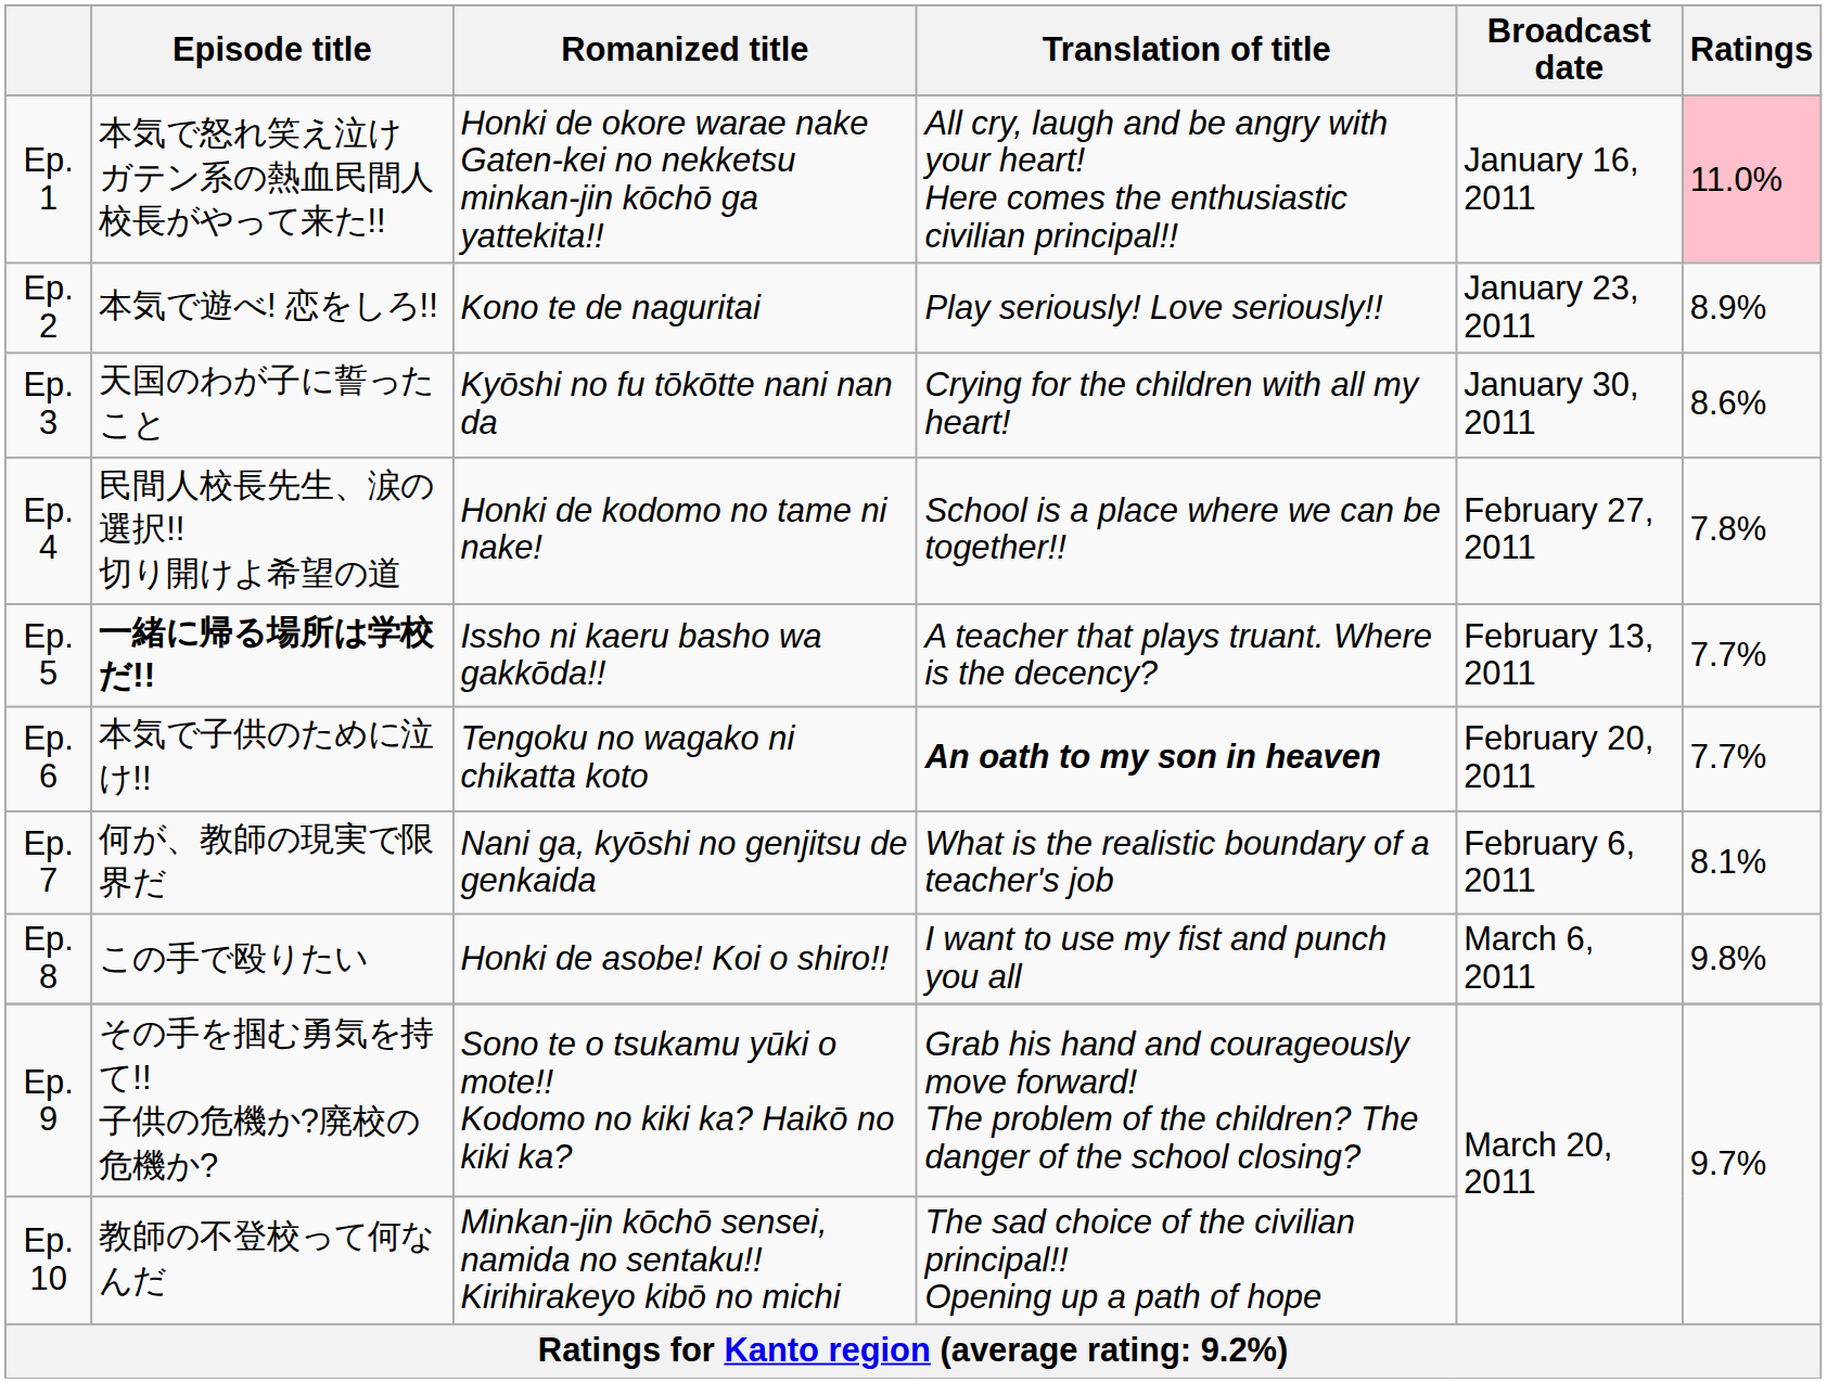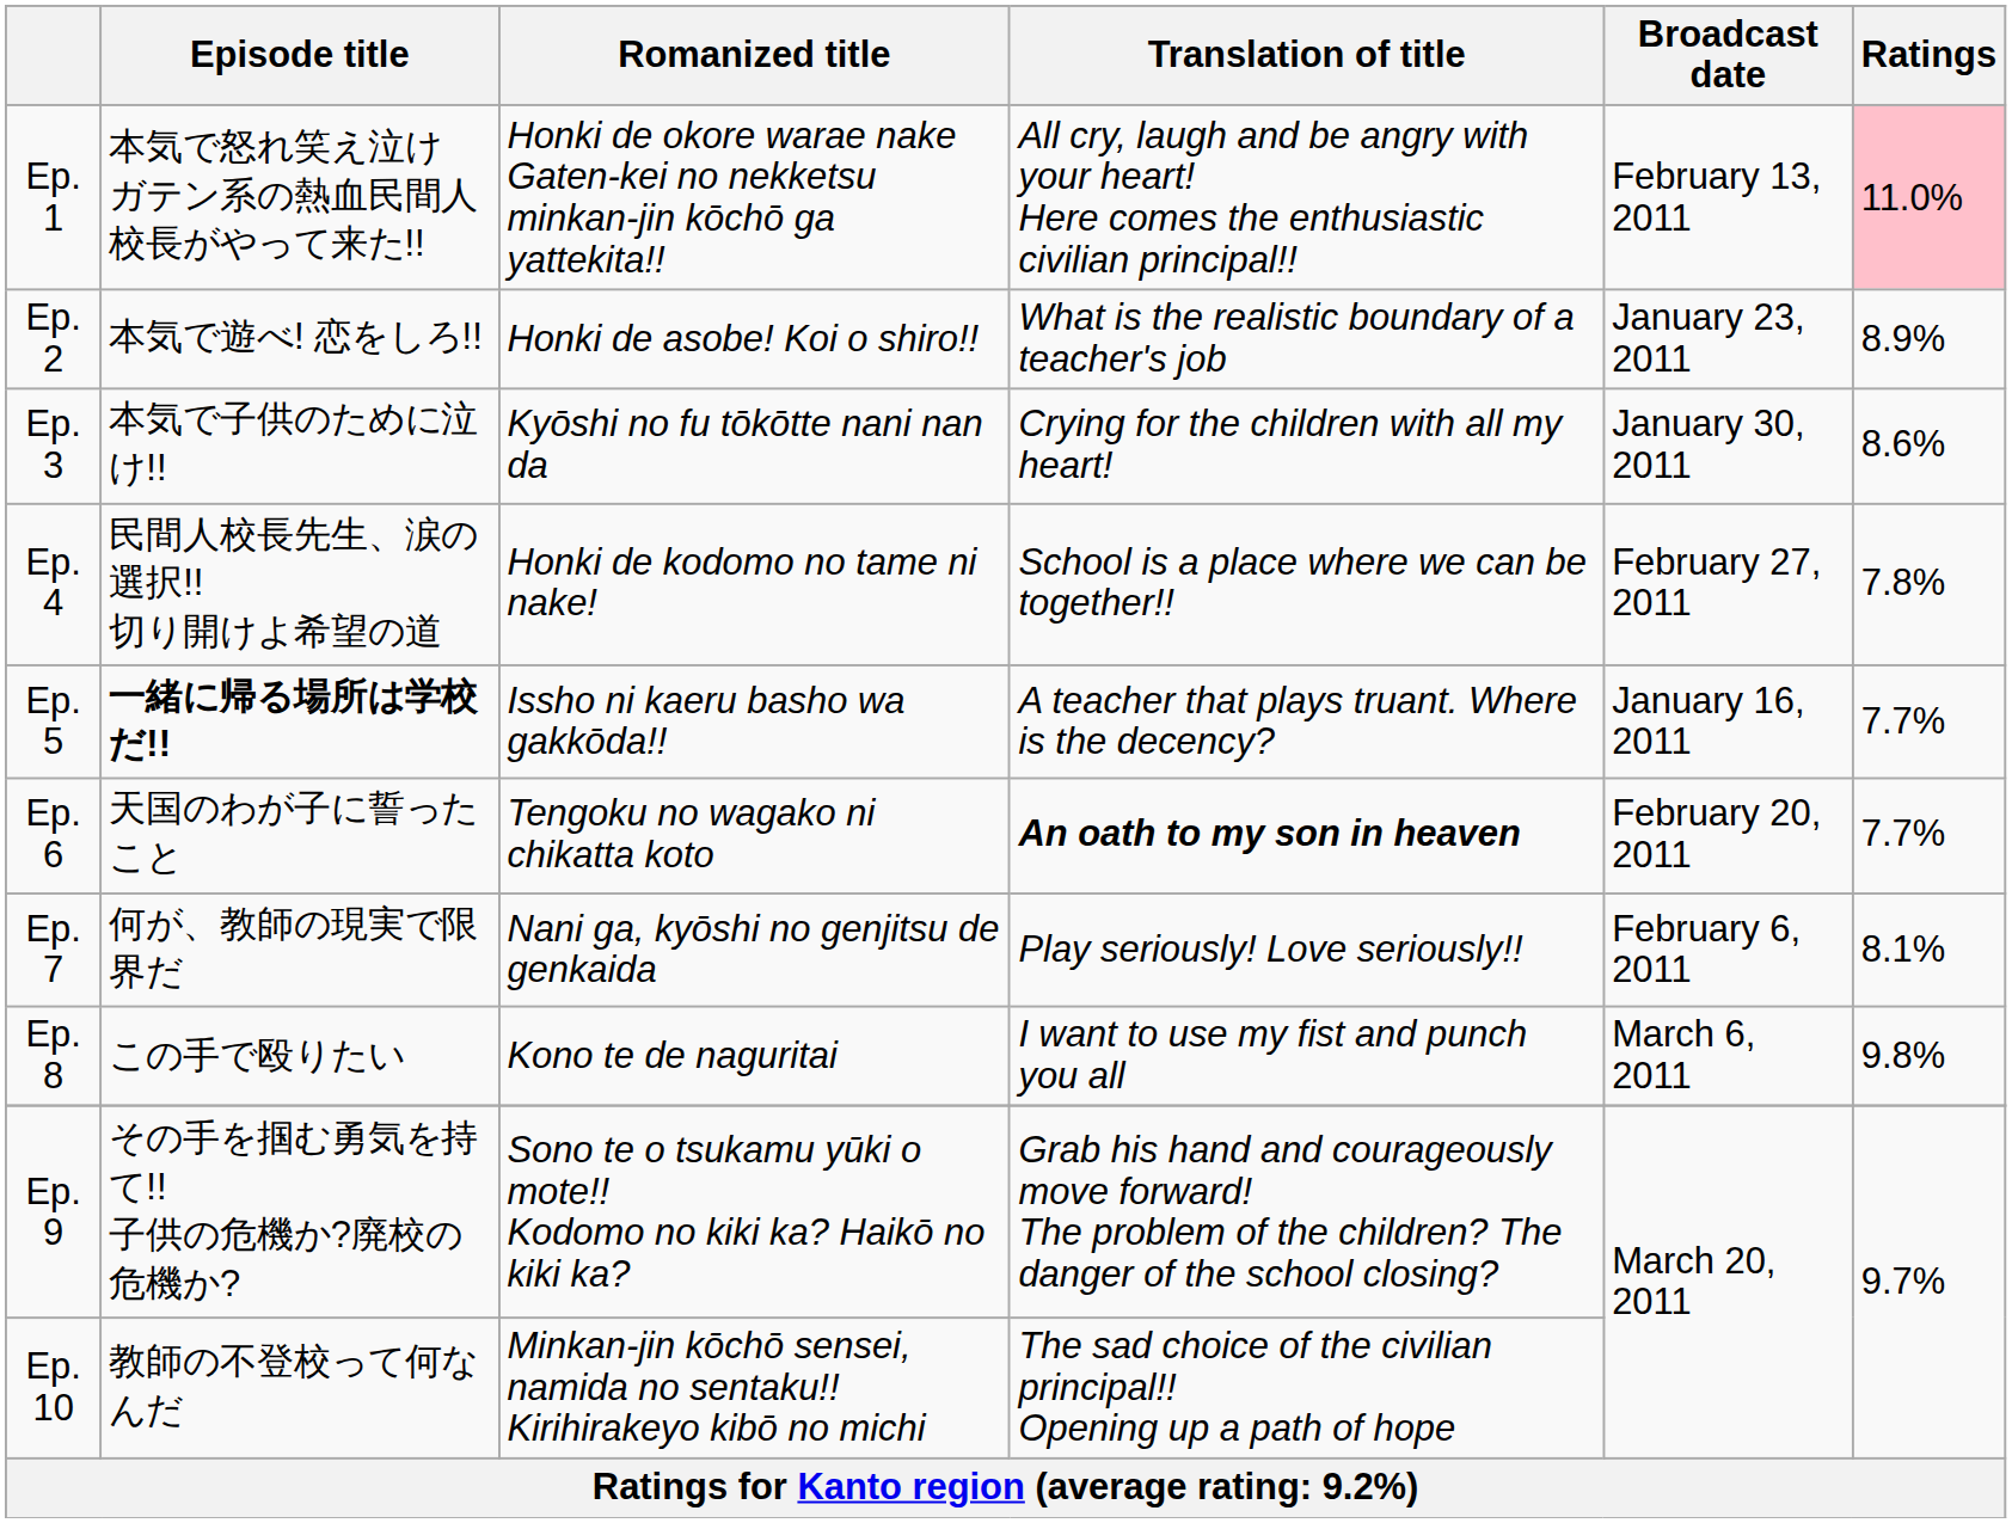 <table class="wikitable" style="text-align:center">
 <tr>
 <th></th>
 <th><strong>Episode title</strong></th>
 <th><strong>Romanized title</strong></th>
 <th><strong>Translation of title</strong></th>
 <th><strong>Broadcast date</strong></th>
 <th><strong>Ratings</strong></th>
 </tr>
 <tr>
 <td>Ep. 1</td>
 <td align=left>本気で怒れ笑え泣け <br> ガテン系の熱血民間人校長がやって来た!!</td>
 <td align=left><em>Honki de okore warae nake <br> Gaten-kei no nekketsu minkan-jin kōchō ga yattekita!!</em></td>
 <td align=left><em> All cry, laugh and be angry with your heart! <br>Here comes the enthusiastic civilian principal!!</em></td>
-<td align=left>January 16, 2011</td>
+<td align=left>February 13, 2011</td>
 <td align=left style="background: pink;">11.0%</td>
 </tr>
 <tr>
 <td>Ep. 2</td>
 <td align=left>本気で遊べ! 恋をしろ!!</td>
-<td align=left><em>Kono te de naguritai</em></td>
-<td align=left><em>Play seriously! Love seriously!!</em></td>
+<td align=left><em>Honki de asobe! Koi o shiro!!</em></td>
+<td align=left><em>What is the realistic boundary of a teacher's job</em></td>
 <td align=left>January 23, 2011</td>
 <td align=left>8.9%</td>
 </tr>
 <tr>
 <td>Ep. 3</td>
-<td align=left>天国のわが子に誓ったこと</td>
+<td align=left>本気で子供のために泣け!!</td>
 <td align=left><em>Kyōshi no fu tōkōtte nani nan da</em></td>
 <td align=left><em>Crying for the children with all my heart!</em></td>
 <td align=left>January 30, 2011</td>
 <td align=left>8.6%</td>
 </tr>
 <tr>
 <td>Ep. 4</td>
 <td align=left>民間人校長先生、涙の選択!! <br> 切り開けよ希望の道</td>
 <td align=left><em>Honki de kodomo no tame ni nake!</em></td>
 <td align=left><em>School is a place where we can be together!!</em></td>
 <td align=left>February 27, 2011</td>
 <td align=left>7.8%</td>
 </tr>
 <tr>
 <td>Ep. 5</td>
 <td align=left><strong>一緒に帰る場所は学校だ!!</strong></td>
 <td align=left><em>Issho ni kaeru basho wa gakkōda!!</em></td>
 <td align=left><em>A teacher that plays truant. Where is the decency? </em></td>
-<td align=left>February 13, 2011</td>
+<td align=left>January 16, 2011</td>
 <td align=left>7.7%</td>
 </tr>
 <tr>
 <td>Ep. 6</td>
-<td align=left>本気で子供のために泣け!!</td>
+<td align=left>天国のわが子に誓ったこと</td>
 <td align=left><em>Tengoku no wagako ni chikatta koto</em></td>
 <td align=left><strong><em>An oath to my son in heaven</em></strong></td>
 <td align=left>February 20, 2011</td>
 <td align=left>7.7%</td>
 </tr>
 <tr>
 <td>Ep. 7</td>
 <td align=left>何が、教師の現実で限界だ</td>
 <td align=left><em>Nani ga, kyōshi no genjitsu de genkaida</em></td>
-<td align=left><em>What is the realistic boundary of a teacher's job</em></td>
+<td align=left><em>Play seriously! Love seriously!!</em></td>
 <td align=left>February 6, 2011</td>
 <td align=left>8.1%</td>
 </tr>
 <tr>
 <td>Ep. 8</td>
 <td align=left>この手で殴りたい</td>
-<td align=left><em>Honki de asobe! Koi o shiro!!</em></td>
+<td align=left><em>Kono te de naguritai</em></td>
 <td align=left><em>I want to use my fist and punch you all</em></td>
 <td align=left>March 6, 2011</td>
 <td align=left>9.8%</td>
 </tr>
 <tr>
 </tr>
 <tr>
 <td>Ep. 9</td>
 <td align=left>その手を掴む勇気を持て!! <br>子供の危機か?廃校の危機か?</td>
 <td align=left><em>Sono te o tsukamu yūki o mote!! <br>Kodomo no kiki ka? Haikō no kiki ka?</em></td>
 <td align=left><em>Grab his hand and courageously move forward! <br>The problem of the children? The danger of the school closing?</em></td>
 <td rowspan="2" align=left>March 20, 2011</td>
 <td rowspan="2" align=left>9.7%</td>
 </tr>
 <tr>
 <td>Ep. 10</td>
 <td align=left>教師の不登校って何なんだ</td>
 <td align=left><em>Minkan-jin kōchō sensei, namida no sentaku!! <br>Kirihirakeyo kibō no michi</em></td>
 <td align=left><em>The sad choice of the civilian principal!!<br> Opening up a path of hope </em></td>
 </tr>
 <tr>
 <th colspan="6">Ratings for <a href='#'>Kanto region</a> (average rating: 9.2%)</th>
 </tr>
 </table>
